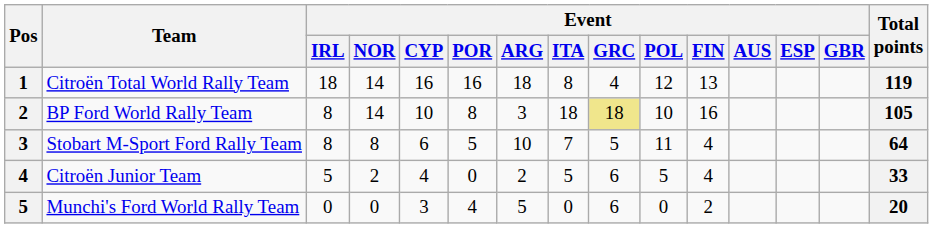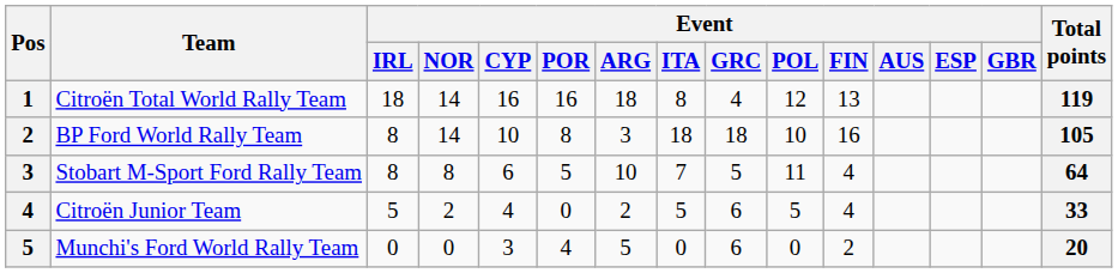 <table class="wikitable" style="text-align:center; font-size:85%;">
 <tr>
 <th rowspan=2>Pos</th>
 <th rowspan=2>Team</th>
 <th colspan=12>Event</th>
 <th rowspan=2>Total<br>points</th>
 </tr>
 <tr valign="top">
 <th><a href='#'>IRL</a><br></th>
 <th><a href='#'>NOR</a><br></th>
 <th><a href='#'>CYP</a><br></th>
 <th><a href='#'>POR</a><br></th>
 <th><a href='#'>ARG</a><br></th>
 <th><a href='#'>ITA</a><br></th>
 <th><a href='#'>GRC</a><br></th>
 <th><a href='#'>POL</a><br></th>
 <th><a href='#'>FIN</a><br></th>
 <th><a href='#'>AUS</a><br></th>
 <th><a href='#'>ESP</a><br></th>
 <th><a href='#'>GBR</a><br></th>
 </tr>
 <tr>
 <th>1</th>
 <td align="left"> <a href='#'>Citroën Total World Rally Team</a></td>
 <td>18</td>
 <td>14</td>
 <td>16</td>
 <td>16</td>
 <td>18</td>
 <td>8</td>
 <td>4</td>
 <td>12</td>
 <td>13</td>
 <td></td>
 <td></td>
 <td></td>
 <th>119</th>
 </tr>
 <tr>
 <th>2</th>
 <td align="left"> <a href='#'>BP Ford World Rally Team</a></td>
 <td>8</td>
 <td>14</td>
 <td>10</td>
 <td>8</td>
 <td>3</td>
 <td>18</td>
-<td style="background: khaki;">18</td>
+<td>18</td>
 <td>10</td>
 <td>16</td>
 <td></td>
 <td></td>
 <td></td>
 <th>105</th>
 </tr>
 <tr>
 <th>3</th>
 <td align="left"> <a href='#'>Stobart M-Sport Ford Rally Team</a></td>
 <td>8</td>
 <td>8</td>
 <td>6</td>
 <td>5</td>
 <td>10</td>
 <td>7</td>
 <td>5</td>
 <td>11</td>
 <td>4</td>
 <td></td>
 <td></td>
 <td></td>
 <th>64</th>
 </tr>
 <tr>
 <th>4</th>
 <td align="left"> <a href='#'>Citroën Junior Team</a></td>
 <td>5</td>
 <td>2</td>
 <td>4</td>
 <td>0</td>
 <td>2</td>
 <td>5</td>
 <td>6</td>
 <td>5</td>
 <td>4</td>
 <td></td>
 <td></td>
 <td></td>
 <th>33</th>
 </tr>
 <tr>
 <th>5</th>
 <td align="left"> <a href='#'>Munchi's Ford World Rally Team</a></td>
 <td>0</td>
 <td>0</td>
 <td>3</td>
 <td>4</td>
 <td>5</td>
 <td>0</td>
 <td>6</td>
 <td>0</td>
 <td>2</td>
 <td></td>
 <td></td>
 <td></td>
 <th>20</th>
 </tr>
 </table>
